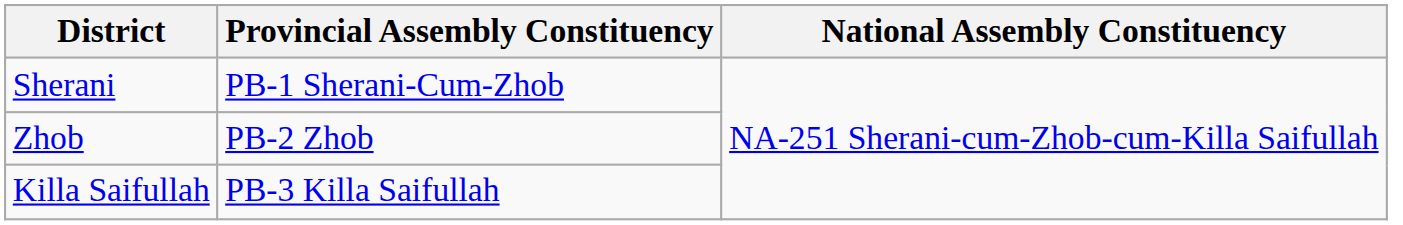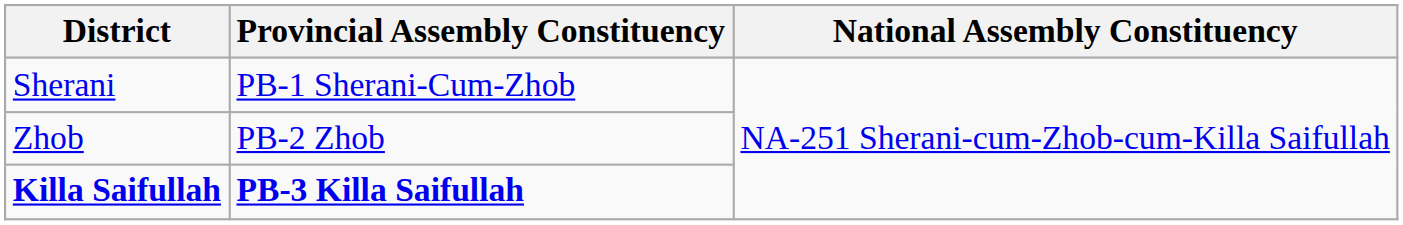 <table class="wikitable sortable static-row-numbers static-row-header-hash">
 <tr>
 <th>District</th>
 <th>Provincial Assembly Constituency</th>
 <th>National Assembly Constituency</th>
 </tr>
 <tr>
 <td><a href='#'>Sherani</a></td>
 <td rowspan="2"><a href='#'>PB-1 Sherani-Cum-Zhob</a></td>
 <td rowspan="4"><a href='#'>NA-251 Sherani-cum-Zhob-cum-Killa Saifullah</a></td>
 </tr>
 <tr>
 <td rowspan="2"><a href='#'>Zhob</a></td>
 </tr>
 <tr>
 <td><a href='#'>PB-2 Zhob</a></td>
 </tr>
 <tr>
-<td><a href='#'>Killa Saifullah</a></td>
-<td><a href='#'>PB-3 Killa Saifullah</a></td>
+<td><strong><a href='#'>Killa Saifullah</a></strong></td>
+<td><strong><a href='#'>PB-3 Killa Saifullah</a></strong></td>
 </tr>
 </table>
